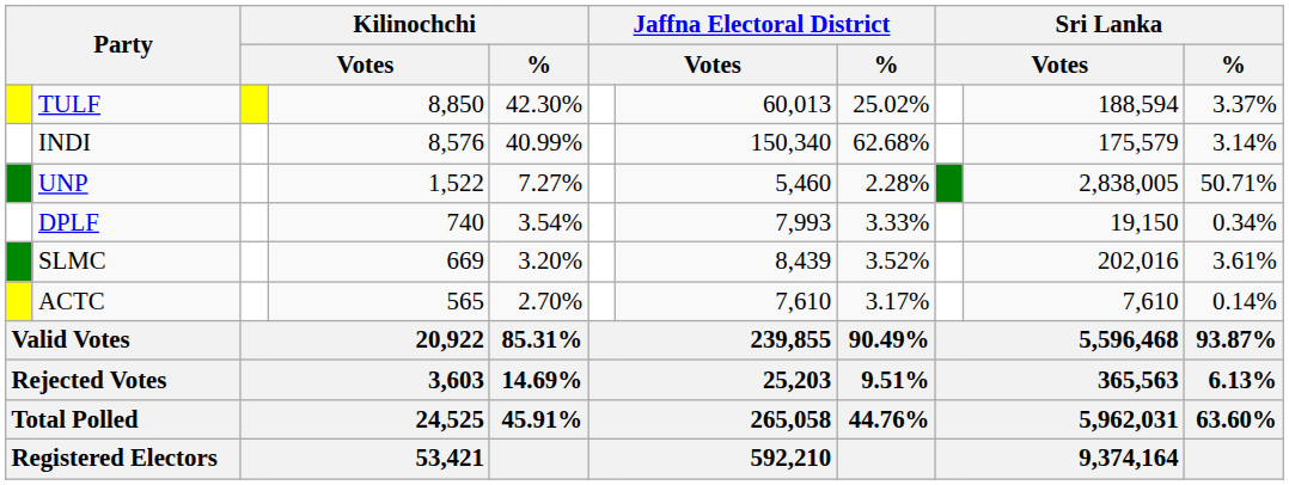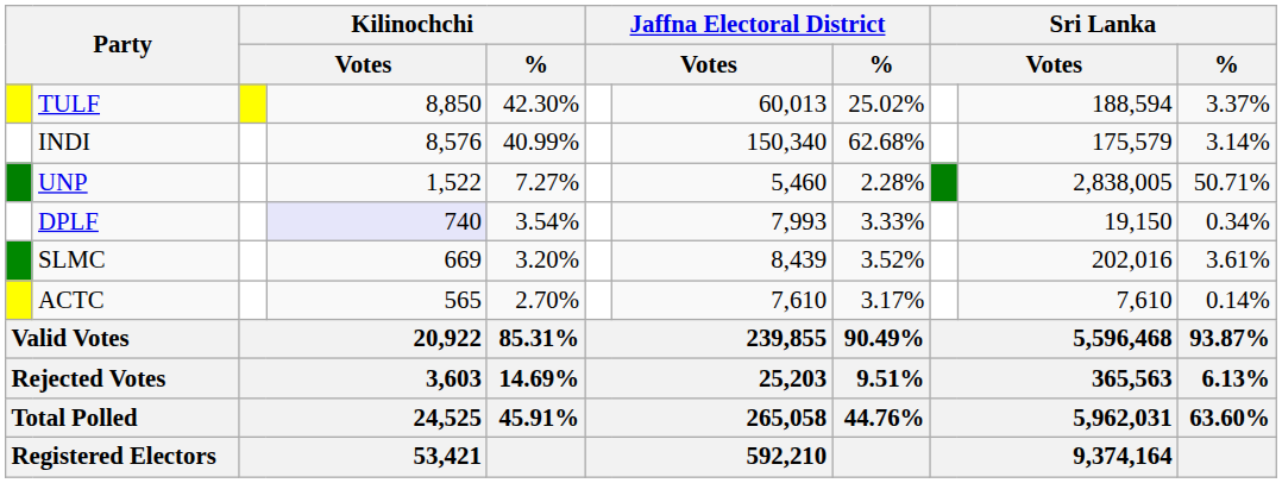 <table class="wikitable">
 <tr>
 <th colspan="2" width="144px"rowspan="2">Party</th>
 <th colspan="3" width="216px">Kilinochchi</th>
 <th colspan="3" width="216px"><a href='#'>Jaffna Electoral District</a></th>
 <th colspan="3" width="216px">Sri Lanka</th>
 </tr>
 <tr>
 <th colspan="2" width="144px">Votes</th>
 <th>%</th>
 <th colspan="2" width="144px">Votes</th>
 <th>%</th>
 <th colspan="2" width="144px">Votes</th>
 <th>%</th>
 </tr>
 <tr>
 <td style="background-color:yellow;" width="10px"></td>
 <td style="text-align:left;"><a href='#'>TULF</a></td>
 <td style="background-color:yellow;" width="10px"></td>
 <td style="text-align:right;">8,850</td>
 <td style="text-align:right;">42.30%</td>
 <td style="background-color:white;" width="10px"></td>
 <td style="text-align:right;">60,013</td>
 <td style="text-align:right;">25.02%</td>
 <td style="background-color:white;" width="10px"></td>
 <td style="text-align:right;">188,594</td>
 <td style="text-align:right;">3.37%</td>
 </tr>
 <tr>
 <td style="background-color:white;" width="10px"></td>
 <td style="text-align:left;">INDI</td>
 <td style="background-color:white;" width="10px"></td>
 <td style="text-align:right;">8,576</td>
 <td style="text-align:right;">40.99%</td>
 <td style="background-color:white;" width="10px"></td>
 <td style="text-align:right;">150,340</td>
 <td style="text-align:right;">62.68%</td>
 <td style="background-color:white;" width="10px"></td>
 <td style="text-align:right;">175,579</td>
 <td style="text-align:right;">3.14%</td>
 </tr>
 <tr>
 <td style="background-color:green;" width="10px"></td>
 <td style="text-align:left;"><a href='#'>UNP</a></td>
 <td style="background-color:white;" width="10px"></td>
 <td style="text-align:right;">1,522</td>
 <td style="text-align:right;">7.27%</td>
 <td style="background-color:white;" width="10px"></td>
 <td style="text-align:right;">5,460</td>
 <td style="text-align:right;">2.28%</td>
 <td style="background-color:green;" width="10px"></td>
 <td style="text-align:right;">2,838,005</td>
 <td style="text-align:right;">50.71%</td>
 </tr>
 <tr>
 <td style="background-color:white;" width="10px"></td>
 <td style="text-align:left;"><a href='#'>DPLF</a></td>
 <td style="background-color:white;" width="10px"></td>
-<td style="text-align:right;">740</td>
+<td style="background: lavender; text-align:right;">740</td>
 <td style="text-align:right;">3.54%</td>
 <td style="background-color:white;" width="10px"></td>
 <td style="text-align:right;">7,993</td>
 <td style="text-align:right;">3.33%</td>
 <td style="background-color:white;" width="10px"></td>
 <td style="text-align:right;">19,150</td>
 <td style="text-align:right;">0.34%</td>
 </tr>
 <tr>
 <td style="background-color:#008800;" width="10px"></td>
 <td style="text-align:left;">SLMC</td>
 <td style="background-color:white;" width="10px"></td>
 <td style="text-align:right;">669</td>
 <td style="text-align:right;">3.20%</td>
 <td style="background-color:white;" width="10px"></td>
 <td style="text-align:right;">8,439</td>
 <td style="text-align:right;">3.52%</td>
 <td style="background-color:white;" width="10px"></td>
 <td style="text-align:right;">202,016</td>
 <td style="text-align:right;">3.61%</td>
 </tr>
 <tr>
 <td style="background-color:yellow;" width="10px"></td>
 <td style="text-align:left;">ACTC</td>
 <td style="background-color:white;" width="10px"></td>
 <td style="text-align:right;">565</td>
 <td style="text-align:right;">2.70%</td>
 <td style="background-color:white;" width="10px"></td>
 <td style="text-align:right;">7,610</td>
 <td style="text-align:right;">3.17%</td>
 <td style="background-color:white;" width="10px"></td>
 <td style="text-align:right;">7,610</td>
 <td style="text-align:right;">0.14%</td>
 </tr>
 <tr>
 <th colspan="2" width="144px"style="text-align:left;">Valid Votes</th>
 <th style="text-align:right;"colspan="2" width="144px">20,922</th>
 <th style="text-align:right;">85.31%</th>
 <th style="text-align:right;"colspan="2" width="144px">239,855</th>
 <th style="text-align:right;">90.49%</th>
 <th style="text-align:right;"colspan="2" width="144px">5,596,468</th>
 <th style="text-align:right;">93.87%</th>
 </tr>
 <tr>
 <th colspan="2" width="144px"style="text-align:left;">Rejected Votes</th>
 <th style="text-align:right;"colspan="2" width="144px">3,603</th>
 <th style="text-align:right;">14.69%</th>
 <th style="text-align:right;"colspan="2" width="144px">25,203</th>
 <th style="text-align:right;">9.51%</th>
 <th style="text-align:right;"colspan="2" width="144px">365,563</th>
 <th style="text-align:right;">6.13%</th>
 </tr>
 <tr>
 <th colspan="2" width="144px"style="text-align:left;">Total Polled</th>
 <th style="text-align:right;"colspan="2" width="144px">24,525</th>
 <th style="text-align:right;">45.91%</th>
 <th style="text-align:right;"colspan="2" width="144px">265,058</th>
 <th style="text-align:right;">44.76%</th>
 <th style="text-align:right;"colspan="2" width="144px">5,962,031</th>
 <th style="text-align:right;">63.60%</th>
 </tr>
 <tr>
 <th colspan="2" width="144px"style="text-align:left;">Registered Electors</th>
 <th style="text-align:right;"colspan="2" width="144px">53,421</th>
 <th></th>
 <th style="text-align:right;"colspan="2" width="144px">592,210</th>
 <th></th>
 <th style="text-align:right;"colspan="2" width="144px">9,374,164</th>
 <th></th>
 </tr>
 </table>
